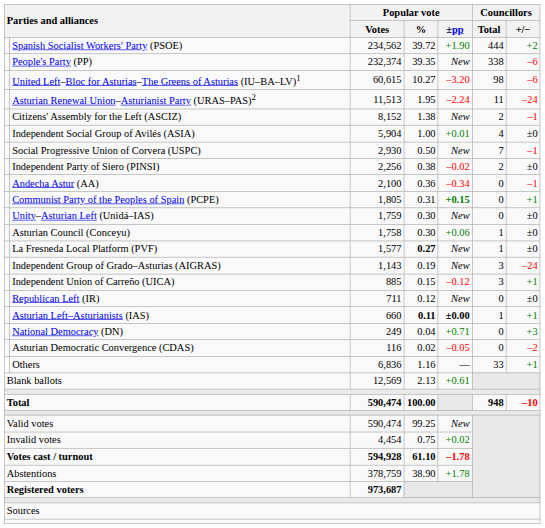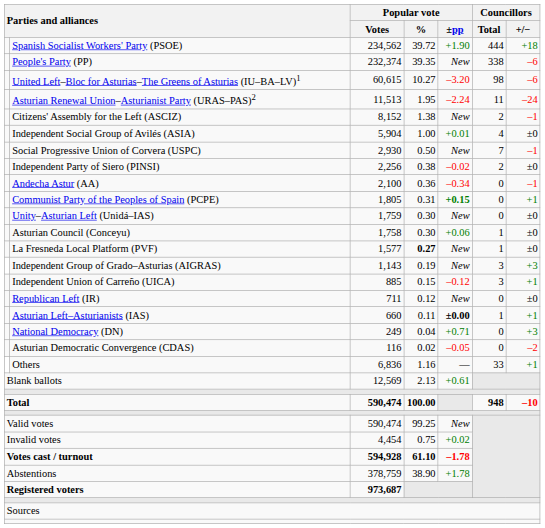 <table class="wikitable" style="text-align:right;">
 <tr>
 <th style="text-align:left;" rowspan="2" colspan="2" width="525">Parties and alliances</th>
 <th colspan="3">Popular vote</th>
 <th colspan="2">Councillors</th>
 </tr>
 <tr>
 <th width="75">Votes</th>
 <th width="45">%</th>
 <th width="45">±<a href='#'>pp</a></th>
 <th width="45">Total</th>
 <th width="45">+/−</th>
 </tr>
 <tr>
 <td width="1" style="color:inherit;background:"></td>
 <td align="left"><a href='#'>Spanish Socialist Workers' Party</a> (PSOE)</td>
 <td>234,562</td>
 <td>39.72</td>
 <td style="color:green;">+1.90</td>
 <td>444</td>
-<td style="color:green;">+2</td>
+<td style="color:green;">+18</td>
 </tr>
 <tr>
 <td style="color:inherit;background:"></td>
 <td align="left"><a href='#'>People's Party</a> (PP)</td>
 <td>232,374</td>
 <td>39.35</td>
 <td><em>New</em></td>
 <td>338</td>
 <td style="color:red;">–6</td>
 </tr>
 <tr>
 <td style="color:inherit;background:"></td>
 <td align="left"><a href='#'>United Left</a>–<a href='#'>Bloc for Asturias</a>–<a href='#'>The Greens of Asturias</a> (IU–BA–LV)<sup>1</sup></td>
 <td>60,615</td>
 <td>10.27</td>
 <td style="color:red;">–3.20</td>
 <td>98</td>
 <td style="color:red;">–6</td>
 </tr>
 <tr>
 <td style="color:inherit;background:"></td>
 <td align="left"><a href='#'>Asturian Renewal Union</a>–<a href='#'>Asturianist Party</a> (URAS–PAS)<sup>2</sup></td>
 <td>11,513</td>
 <td>1.95</td>
 <td style="color:red;">–2.24</td>
 <td>11</td>
 <td style="color:red;">–24</td>
 </tr>
 <tr>
 <td style="color:inherit;background:"></td>
 <td align="left">Citizens' Assembly for the Left (ASCIZ)</td>
 <td>8,152</td>
 <td>1.38</td>
 <td><em>New</em></td>
 <td>2</td>
 <td style="color:red;">–1</td>
 </tr>
 <tr>
 <td style="color:inherit;background:"></td>
 <td align="left">Independent Social Group of Avilés (ASIA)</td>
 <td>5,904</td>
 <td>1.00</td>
 <td style="color:green;">+0.01</td>
 <td>4</td>
 <td>±0</td>
 </tr>
 <tr>
 <td style="color:inherit;background:"></td>
 <td align="left">Social Progressive Union of Corvera (USPC)</td>
 <td>2,930</td>
 <td>0.50</td>
 <td><em>New</em></td>
 <td>7</td>
 <td style="color:red;">–1</td>
 </tr>
 <tr>
 <td style="color:inherit;background:"></td>
 <td align="left">Independent Party of Siero (PINSI)</td>
 <td>2,256</td>
 <td>0.38</td>
 <td style="color:red;">–0.02</td>
 <td>2</td>
 <td>±0</td>
 </tr>
 <tr>
 <td style="color:inherit;background:"></td>
 <td align="left"><a href='#'>Andecha Astur</a> (AA)</td>
 <td>2,100</td>
 <td>0.36</td>
 <td style="color:red;">–0.34</td>
 <td>0</td>
 <td style="color:red;">–1</td>
 </tr>
 <tr>
 <td style="color:inherit;background:"></td>
 <td align="left"><a href='#'>Communist Party of the Peoples of Spain</a> (PCPE)</td>
 <td>1,805</td>
 <td>0.31</td>
 <td style="color:green;"><strong>+0.15</strong></td>
 <td>0</td>
 <td style="color:green;">+1</td>
 </tr>
 <tr>
 <td style="color:inherit;background:"></td>
 <td align="left"><a href='#'>Unity</a>–<a href='#'>Asturian Left</a> (Unidá–IAS)</td>
 <td>1,759</td>
 <td>0.30</td>
 <td><em>New</em></td>
 <td>0</td>
 <td>±0</td>
 </tr>
 <tr>
 <td style="color:inherit;background:"></td>
 <td align="left">Asturian Council (Conceyu)</td>
 <td>1,758</td>
 <td>0.30</td>
 <td style="color:green;">+0.06</td>
 <td>1</td>
 <td>±0</td>
 </tr>
 <tr>
 <td style="color:inherit;background:"></td>
 <td align="left">La Fresneda Local Platform (PVF)</td>
 <td>1,577</td>
 <td><strong>0.27</strong></td>
 <td><em>New</em></td>
 <td>1</td>
 <td>±0</td>
 </tr>
 <tr>
 <td bgcolor="white"></td>
 <td align="left">Independent Group of Grado–Asturias (AIGRAS)</td>
 <td>1,143</td>
 <td>0.19</td>
 <td><em>New</em></td>
 <td>3</td>
-<td style="color:red;">–24</td>
+<td style="color:green;">+3</td>
 </tr>
 <tr>
 <td style="color:inherit;background:"></td>
 <td align="left">Independent Union of Carreño (UICA)</td>
 <td>885</td>
 <td>0.15</td>
 <td style="color:red;">–0.12</td>
 <td>3</td>
 <td style="color:green;">+1</td>
 </tr>
 <tr>
 <td style="color:inherit;background:"></td>
 <td align="left"><a href='#'>Republican Left</a> (IR)</td>
 <td>711</td>
 <td>0.12</td>
 <td><em>New</em></td>
 <td>0</td>
 <td>±0</td>
 </tr>
 <tr>
 <td style="color:inherit;background:"></td>
 <td align="left"><a href='#'>Asturian Left–Asturianists</a> (IAS)</td>
 <td>660</td>
-<td><strong>0.11</strong></td>
+<td>0.11</td>
 <td><strong>±0.00</strong></td>
 <td>1</td>
 <td style="color:green;">+1</td>
 </tr>
 <tr>
 <td style="color:inherit;background:"></td>
 <td align="left"><a href='#'>National Democracy</a> (DN)</td>
 <td>249</td>
 <td>0.04</td>
 <td style="color:green;">+0.71</td>
 <td>0</td>
 <td style="color:green;">+3</td>
 </tr>
 <tr>
 <td style="color:inherit;background:"></td>
 <td align="left">Asturian Democratic Convergence (CDAS)</td>
 <td>116</td>
 <td>0.02</td>
 <td style="color:red;">–0.05</td>
 <td>0</td>
 <td style="color:red;">–2</td>
 </tr>
 <tr>
 <td bgcolor="white"></td>
 <td align="left">Others</td>
 <td>6,836</td>
 <td>1.16</td>
 <td>—</td>
 <td>33</td>
 <td style="color:green;">+1</td>
 </tr>
 <tr>
 <td align="left" colspan="2">Blank ballots</td>
 <td>12,569</td>
 <td>2.13</td>
 <td style="color:green;">+0.61</td>
 <td bgcolor="#E9E9E9" colspan="2"></td>
 </tr>
 <tr>
 <td colspan="7" bgcolor="#E9E9E9"></td>
 </tr>
 <tr style="font-weight:bold;">
 <td align="left" colspan="2">Total</td>
 <td>590,474</td>
 <td>100.00</td>
 <td bgcolor="#E9E9E9"></td>
 <td>948</td>
 <td style="color:red;">–10</td>
 </tr>
 <tr>
 <td colspan="7" bgcolor="#E9E9E9"></td>
 </tr>
 <tr>
 <td align="left" colspan="2">Valid votes</td>
 <td>590,474</td>
 <td>99.25</td>
 <td><em>New</em></td>
 <td bgcolor="#E9E9E9" colspan="2" rowspan="5"></td>
 </tr>
 <tr>
 <td align="left" colspan="2">Invalid votes</td>
 <td>4,454</td>
 <td>0.75</td>
 <td style="color:green;">+0.02</td>
 </tr>
 <tr style="font-weight:bold;">
 <td align="left" colspan="2">Votes cast / turnout</td>
 <td>594,928</td>
 <td>61.10</td>
 <td style="color:red;">–1.78</td>
 </tr>
 <tr>
 <td align="left" colspan="2">Abstentions</td>
 <td>378,759</td>
 <td>38.90</td>
 <td style="color:green;">+1.78</td>
 </tr>
 <tr style="font-weight:bold;">
 <td align="left" colspan="2">Registered voters</td>
 <td>973,687</td>
 <td bgcolor="#E9E9E9" colspan="2"></td>
 </tr>
 <tr>
 <td colspan="7" bgcolor="#E9E9E9"></td>
 </tr>
 <tr>
 <td align="left" colspan="7">Sources</td>
 </tr>
 <tr>
 <td colspan="7" style="text-align:left; max-width:790px;"></td>
 </tr>
 </table>
